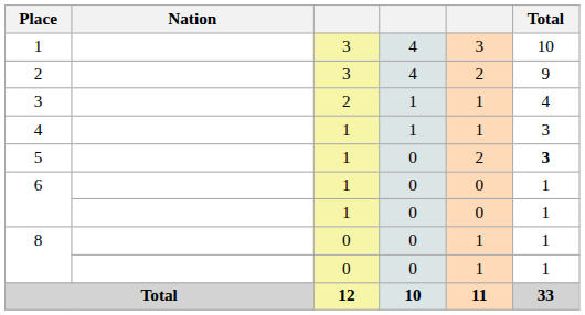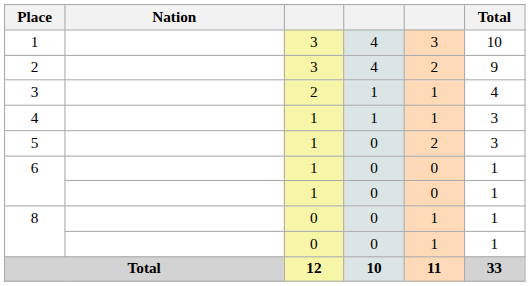 <table class=wikitable style="border:1px solid #AAAAAA;font-size:90%">
 <tr bgcolor="#EFEFEF">
 <th width=50>Place</th>
 <th width=200>Nation</th>
 <th width=50></th>
 <th width=50></th>
 <th width=50></th>
 <th width=50>Total</th>
 </tr>
 <tr align="center" valign="top" bgcolor="#FFFFFF">
 <td>1</td>
 <td align="left"></td>
 <td style="background:#F7F6A8;">3</td>
 <td style="background:#DCE5E5;">4</td>
 <td style="background:#FFDAB9;">3</td>
 <td>10</td>
 </tr>
 <tr align="center" valign="top" bgcolor="#FFFFFF">
 <td>2</td>
 <td align="left"></td>
 <td style="background:#F7F6A8;">3</td>
 <td style="background:#DCE5E5;">4</td>
 <td style="background:#FFDAB9;">2</td>
 <td>9</td>
 </tr>
 <tr align="center" valign="top" bgcolor="#FFFFFF">
 <td>3</td>
 <td align="left"></td>
 <td style="background:#F7F6A8;">2</td>
 <td style="background:#DCE5E5;">1</td>
 <td style="background:#FFDAB9;">1</td>
 <td>4</td>
 </tr>
 <tr align="center" valign="top" bgcolor="#FFFFFF">
 <td>4</td>
 <td align="left"></td>
 <td style="background:#F7F6A8;">1</td>
 <td style="background:#DCE5E5;">1</td>
 <td style="background:#FFDAB9;">1</td>
 <td>3</td>
 </tr>
 <tr align="center" valign="top" bgcolor="#FFFFFF">
 <td>5</td>
 <td align="left"></td>
 <td style="background:#F7F6A8;">1</td>
 <td style="background:#DCE5E5;">0</td>
 <td style="background:#FFDAB9;">2</td>
-<td><strong>3</strong></td>
+<td>3</td>
 </tr>
 <tr align="center" valign="top" bgcolor="#FFFFFF">
 <td rowspan="2" valign="center">6</td>
 <td align="left"></td>
 <td style="background:#F7F6A8;">1</td>
 <td style="background:#DCE5E5;">0</td>
 <td style="background:#FFDAB9;">0</td>
 <td>1</td>
 </tr>
 <tr align="center" valign="top" bgcolor="#FFFFFF">
 <td align="left"></td>
 <td style="background:#F7F6A8;">1</td>
 <td style="background:#DCE5E5;">0</td>
 <td style="background:#FFDAB9;">0</td>
 <td>1</td>
 </tr>
 <tr align="center" valign="top" bgcolor="#FFFFFF">
 <td rowspan="2" valign="center">8</td>
 <td align="left"></td>
 <td style="background:#F7F6A8;">0</td>
 <td style="background:#DCE5E5;">0</td>
 <td style="background:#FFDAB9;">1</td>
 <td>1</td>
 </tr>
 <tr align="center" valign="top" bgcolor="#FFFFFF">
 <td align="left"></td>
 <td style="background:#F7F6A8;">0</td>
 <td style="background:#DCE5E5;">0</td>
 <td style="background:#FFDAB9;">1</td>
 <td>1</td>
 </tr>
 <tr align="center">
 <td colspan="2" bgcolor=D3D3D3><strong>Total</strong></td>
 <td style="background:#F7F6A8;"><strong>12</strong></td>
 <td style="background:#DCE5E5;"><strong>10</strong></td>
 <td style="background:#FFDAB9;"><strong>11</strong></td>
 <td bgcolor=D3D3D3><strong>33</strong></td>
 </tr>
 </table>
